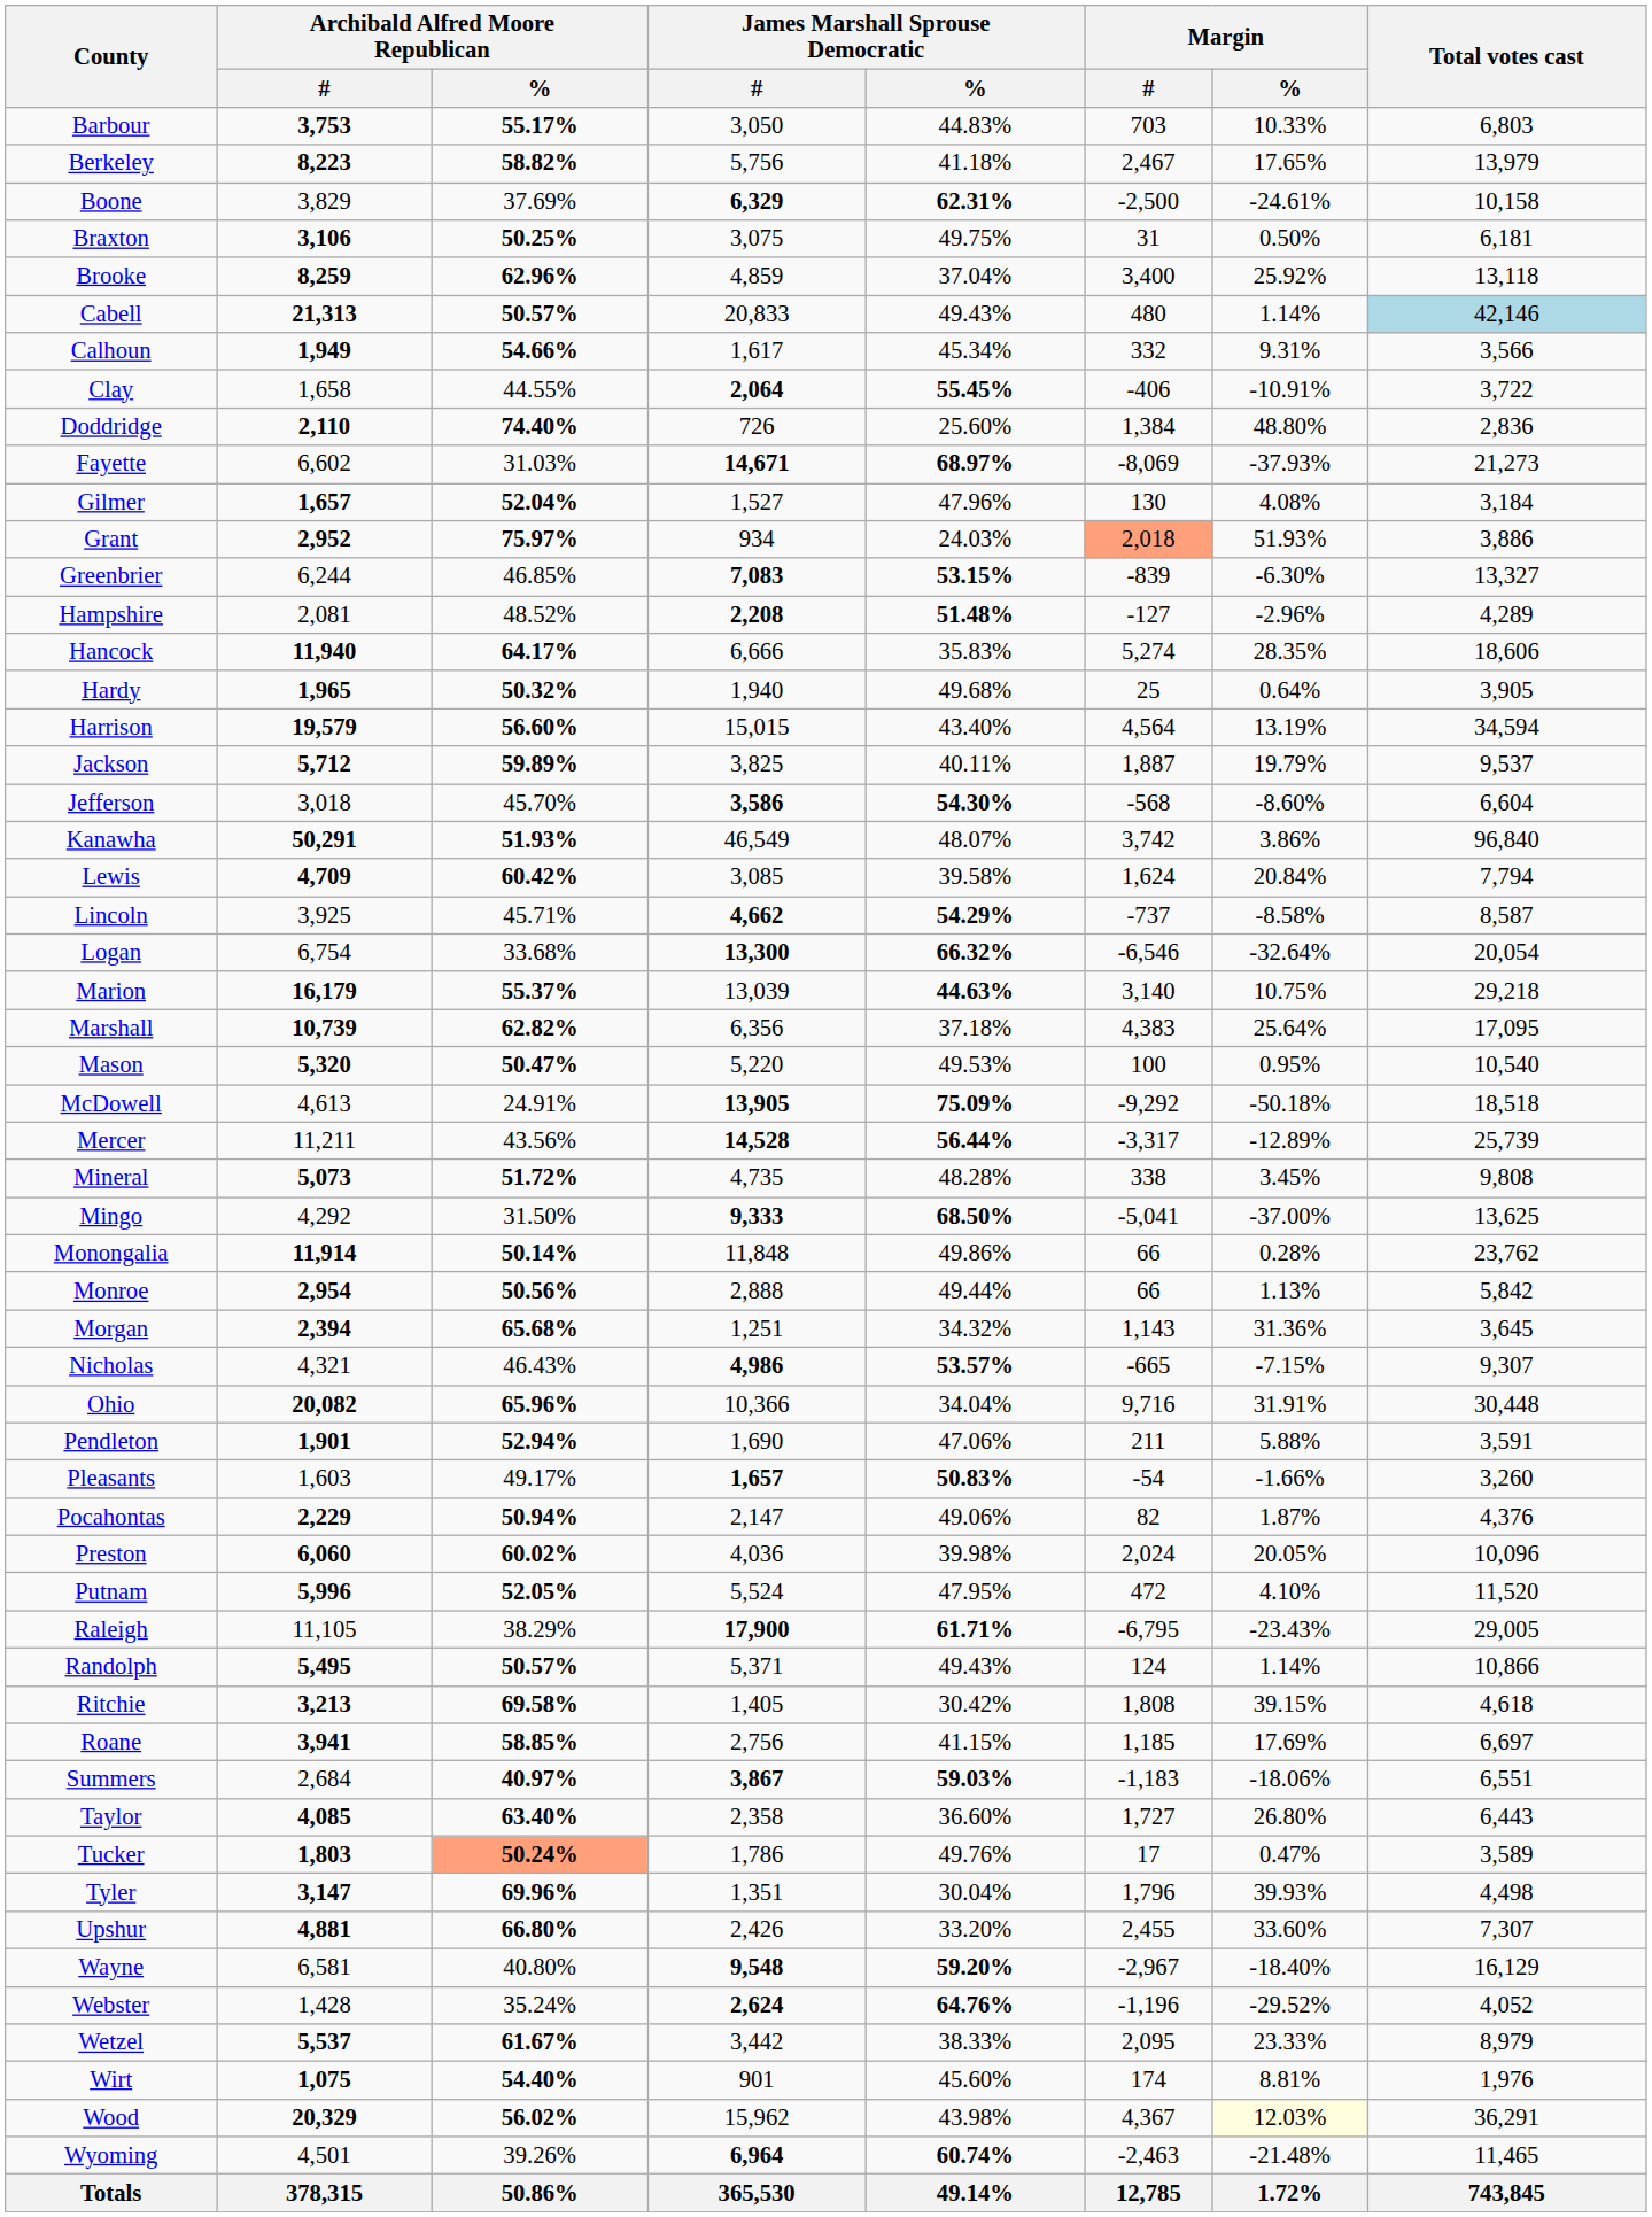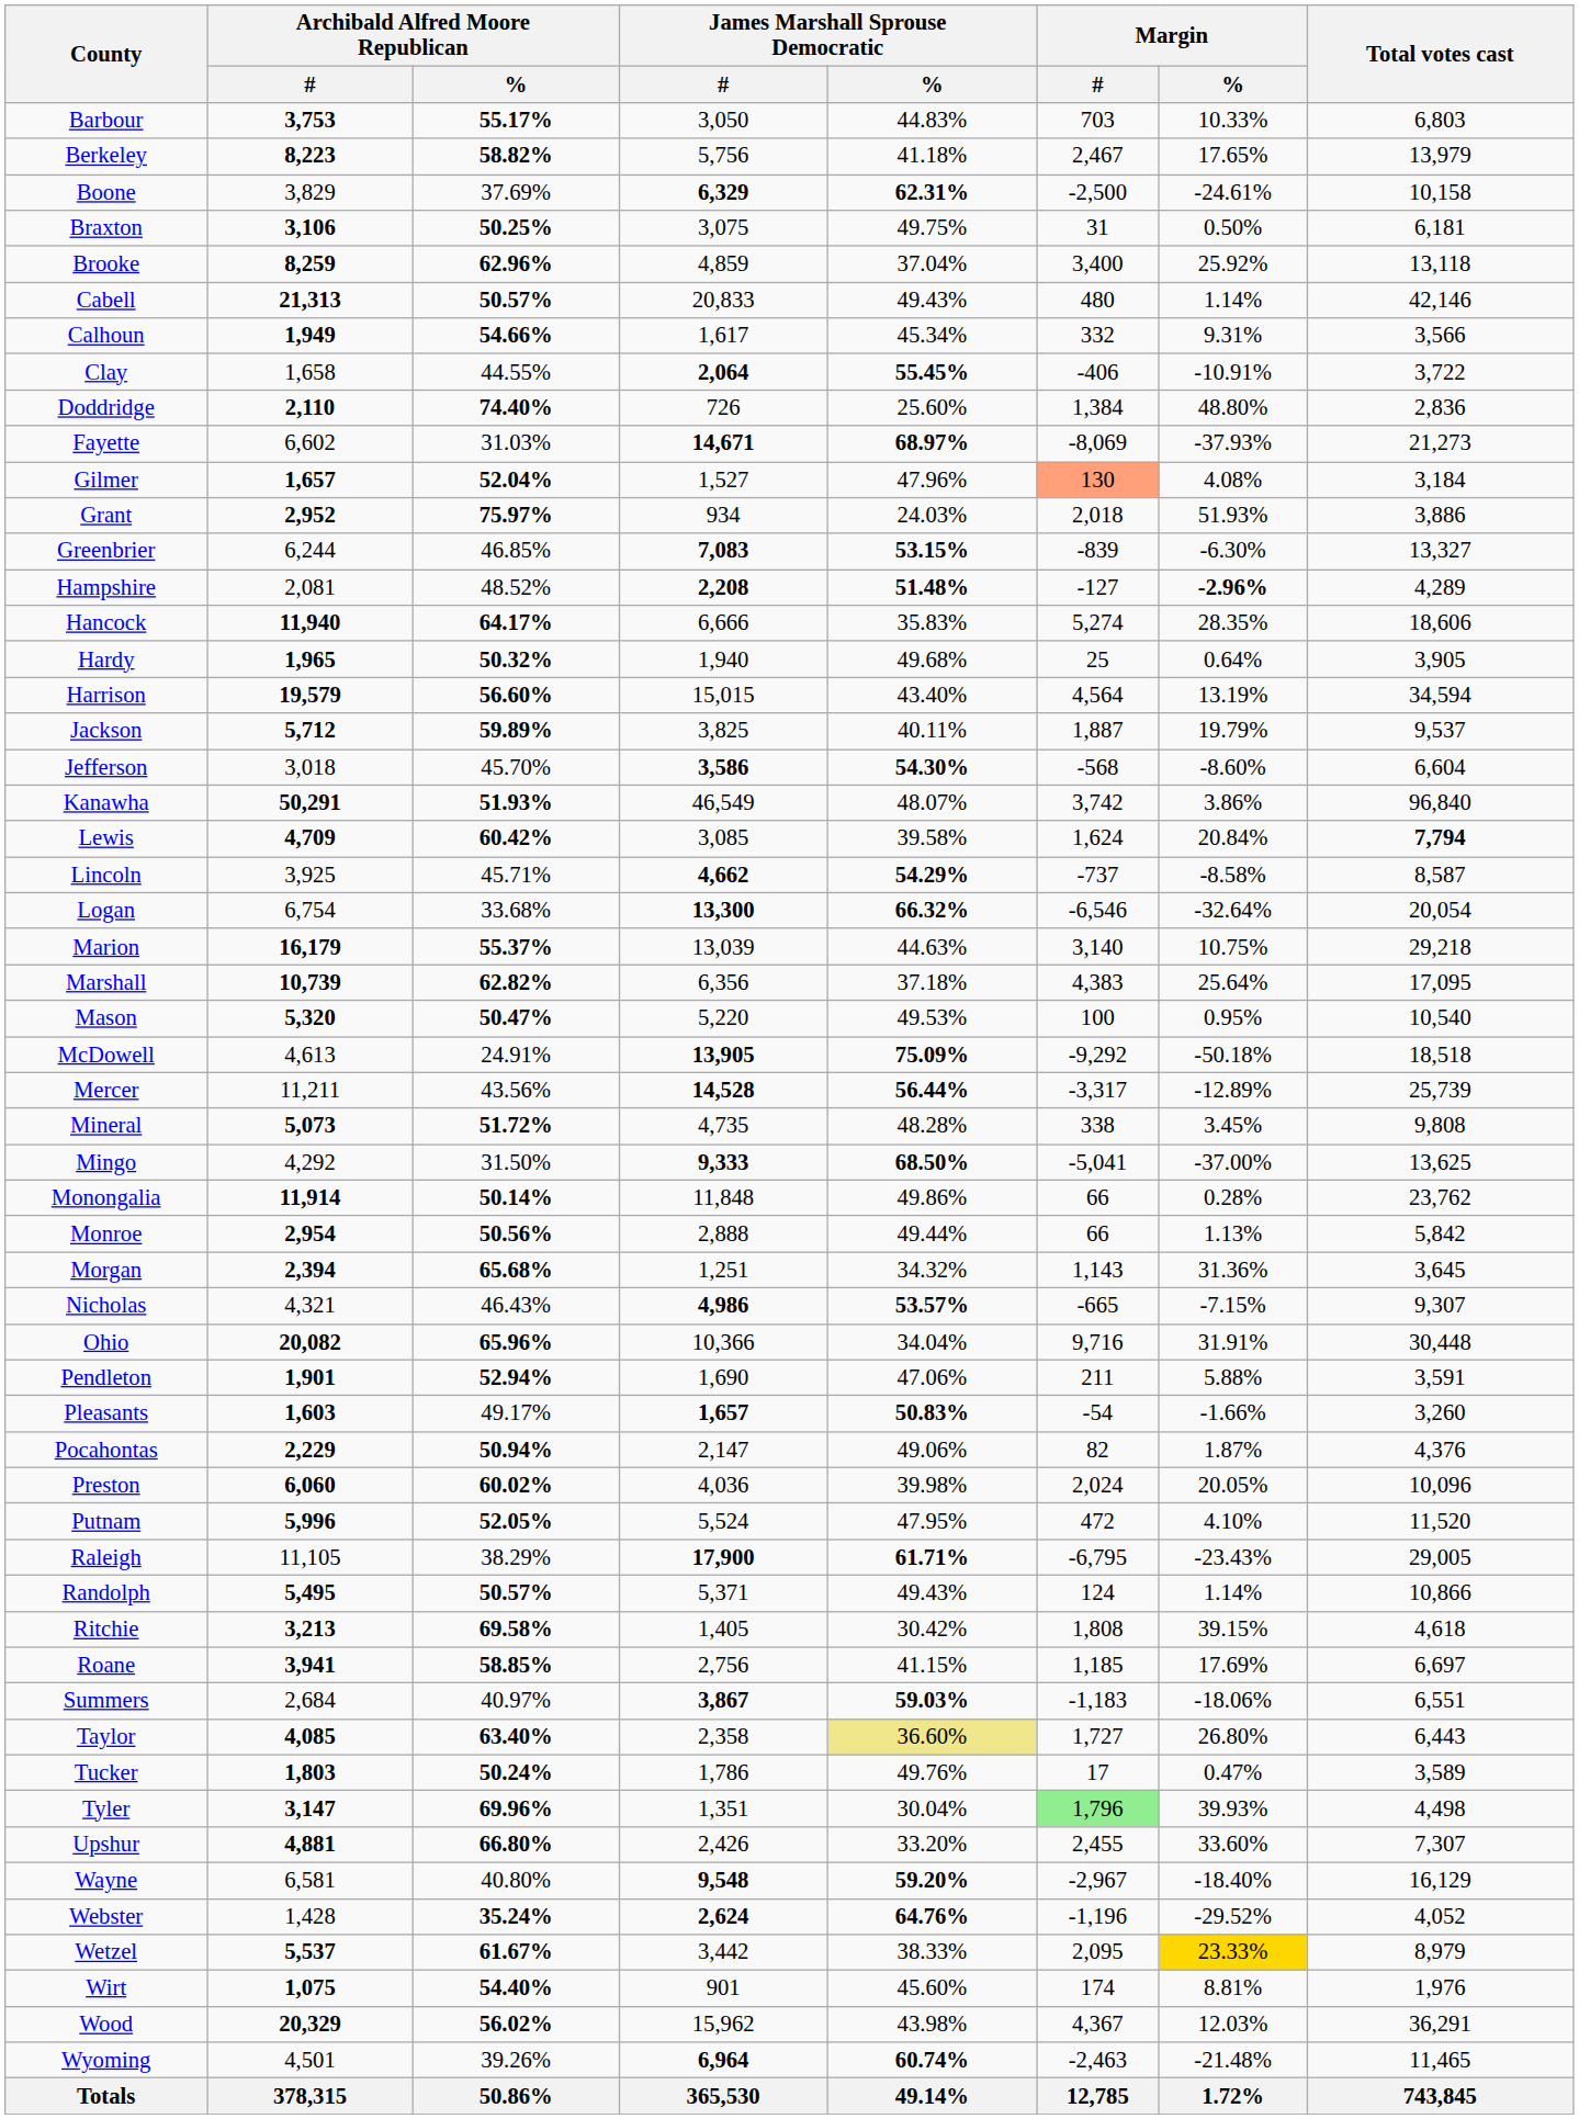 <table width="70%" class="wikitable sortable" style="text-align:center">
 <tr>
 <th style="text-align:center;" rowspan="2">County</th>
 <th style="text-align:center;" colspan="2">Archibald Alfred Moore<br>Republican</th>
 <th style="text-align:center;" colspan="2">James Marshall Sprouse<br>Democratic</th>
 <th style="text-align:center;" colspan="2">Margin</th>
 <th style="text-align:center;" rowspan="2">Total votes cast</th>
 </tr>
 <tr>
 <th data-sort-type="number">#</th>
 <th data-sort-type="number">%</th>
 <th data-sort-type="number">#</th>
 <th data-sort-type="number">%</th>
 <th data-sort-type="number">#</th>
 <th data-sort-type="number">%</th>
 </tr>
 <tr style="text-align:center;">
 <td><a href='#'>Barbour</a></td>
 <td><strong>3,753</strong></td>
 <td><strong>55.17%</strong></td>
 <td>3,050</td>
 <td>44.83%</td>
 <td>703</td>
 <td>10.33%</td>
 <td>6,803</td>
 </tr>
 <tr style="text-align:center;">
 <td><a href='#'>Berkeley</a></td>
 <td><strong>8,223</strong></td>
 <td><strong>58.82%</strong></td>
 <td>5,756</td>
 <td>41.18%</td>
 <td>2,467</td>
 <td>17.65%</td>
 <td>13,979</td>
 </tr>
 <tr style="text-align:center;">
 <td><a href='#'>Boone</a></td>
 <td>3,829</td>
 <td>37.69%</td>
 <td><strong>6,329</strong></td>
 <td><strong>62.31%</strong></td>
 <td>-2,500</td>
 <td>-24.61%</td>
 <td>10,158</td>
 </tr>
 <tr style="text-align:center;">
 <td><a href='#'>Braxton</a></td>
 <td><strong>3,106</strong></td>
 <td><strong>50.25%</strong></td>
 <td>3,075</td>
 <td>49.75%</td>
 <td>31</td>
 <td>0.50%</td>
 <td>6,181</td>
 </tr>
 <tr style="text-align:center;">
 <td><a href='#'>Brooke</a></td>
 <td><strong>8,259</strong></td>
 <td><strong>62.96%</strong></td>
 <td>4,859</td>
 <td>37.04%</td>
 <td>3,400</td>
 <td>25.92%</td>
 <td>13,118</td>
 </tr>
 <tr style="text-align:center;">
 <td><a href='#'>Cabell</a></td>
 <td><strong>21,313</strong></td>
 <td><strong>50.57%</strong></td>
 <td>20,833</td>
 <td>49.43%</td>
 <td>480</td>
 <td>1.14%</td>
-<td style="background: lightblue;">42,146</td>
+<td>42,146</td>
 </tr>
 <tr style="text-align:center;">
 <td><a href='#'>Calhoun</a></td>
 <td><strong>1,949</strong></td>
 <td><strong>54.66%</strong></td>
 <td>1,617</td>
 <td>45.34%</td>
 <td>332</td>
 <td>9.31%</td>
 <td>3,566</td>
 </tr>
 <tr style="text-align:center;">
 <td><a href='#'>Clay</a></td>
 <td>1,658</td>
 <td>44.55%</td>
 <td><strong>2,064</strong></td>
 <td><strong>55.45%</strong></td>
 <td>-406</td>
 <td>-10.91%</td>
 <td>3,722</td>
 </tr>
 <tr style="text-align:center;">
 <td><a href='#'>Doddridge</a></td>
 <td><strong>2,110</strong></td>
 <td><strong>74.40%</strong></td>
 <td>726</td>
 <td>25.60%</td>
 <td>1,384</td>
 <td>48.80%</td>
 <td>2,836</td>
 </tr>
 <tr style="text-align:center;">
 <td><a href='#'>Fayette</a></td>
 <td>6,602</td>
 <td>31.03%</td>
 <td><strong>14,671</strong></td>
 <td><strong>68.97%</strong></td>
 <td>-8,069</td>
 <td>-37.93%</td>
 <td>21,273</td>
 </tr>
 <tr style="text-align:center;">
 <td><a href='#'>Gilmer</a></td>
 <td><strong>1,657</strong></td>
 <td><strong>52.04%</strong></td>
 <td>1,527</td>
 <td>47.96%</td>
-<td>130</td>
+<td style="background: lightsalmon;">130</td>
 <td>4.08%</td>
 <td>3,184</td>
 </tr>
 <tr style="text-align:center;">
 <td><a href='#'>Grant</a></td>
 <td><strong>2,952</strong></td>
 <td><strong>75.97%</strong></td>
 <td>934</td>
 <td>24.03%</td>
-<td style="background: lightsalmon;">2,018</td>
+<td>2,018</td>
 <td>51.93%</td>
 <td>3,886</td>
 </tr>
 <tr style="text-align:center;">
 <td><a href='#'>Greenbrier</a></td>
 <td>6,244</td>
 <td>46.85%</td>
 <td><strong>7,083</strong></td>
 <td><strong>53.15%</strong></td>
 <td>-839</td>
 <td>-6.30%</td>
 <td>13,327</td>
 </tr>
 <tr style="text-align:center;">
 <td><a href='#'>Hampshire</a></td>
 <td>2,081</td>
 <td>48.52%</td>
 <td><strong>2,208</strong></td>
 <td><strong>51.48%</strong></td>
 <td>-127</td>
-<td>-2.96%</td>
+<td><strong>-2.96%</strong></td>
 <td>4,289</td>
 </tr>
 <tr style="text-align:center;">
 <td><a href='#'>Hancock</a></td>
 <td><strong>11,940</strong></td>
 <td><strong>64.17%</strong></td>
 <td>6,666</td>
 <td>35.83%</td>
 <td>5,274</td>
 <td>28.35%</td>
 <td>18,606</td>
 </tr>
 <tr style="text-align:center;">
 <td><a href='#'>Hardy</a></td>
 <td><strong>1,965</strong></td>
 <td><strong>50.32%</strong></td>
 <td>1,940</td>
 <td>49.68%</td>
 <td>25</td>
 <td>0.64%</td>
 <td>3,905</td>
 </tr>
 <tr style="text-align:center;">
 <td><a href='#'>Harrison</a></td>
 <td><strong>19,579</strong></td>
 <td><strong>56.60%</strong></td>
 <td>15,015</td>
 <td>43.40%</td>
 <td>4,564</td>
 <td>13.19%</td>
 <td>34,594</td>
 </tr>
 <tr style="text-align:center;">
 <td><a href='#'>Jackson</a></td>
 <td><strong>5,712</strong></td>
 <td><strong>59.89%</strong></td>
 <td>3,825</td>
 <td>40.11%</td>
 <td>1,887</td>
 <td>19.79%</td>
 <td>9,537</td>
 </tr>
 <tr style="text-align:center;">
 <td><a href='#'>Jefferson</a></td>
 <td>3,018</td>
 <td>45.70%</td>
 <td><strong>3,586</strong></td>
 <td><strong>54.30%</strong></td>
 <td>-568</td>
 <td>-8.60%</td>
 <td>6,604</td>
 </tr>
 <tr style="text-align:center;">
 <td><a href='#'>Kanawha</a></td>
 <td><strong>50,291</strong></td>
 <td><strong>51.93%</strong></td>
 <td>46,549</td>
 <td>48.07%</td>
 <td>3,742</td>
 <td>3.86%</td>
 <td>96,840</td>
 </tr>
 <tr style="text-align:center;">
 <td><a href='#'>Lewis</a></td>
 <td><strong>4,709</strong></td>
 <td><strong>60.42%</strong></td>
 <td>3,085</td>
 <td>39.58%</td>
 <td>1,624</td>
 <td>20.84%</td>
-<td>7,794</td>
+<td><strong>7,794</strong></td>
 </tr>
 <tr style="text-align:center;">
 <td><a href='#'>Lincoln</a></td>
 <td>3,925</td>
 <td>45.71%</td>
 <td><strong>4,662</strong></td>
 <td><strong>54.29%</strong></td>
 <td>-737</td>
 <td>-8.58%</td>
 <td>8,587</td>
 </tr>
 <tr style="text-align:center;">
 <td><a href='#'>Logan</a></td>
 <td>6,754</td>
 <td>33.68%</td>
 <td><strong>13,300</strong></td>
 <td><strong>66.32%</strong></td>
 <td>-6,546</td>
 <td>-32.64%</td>
 <td>20,054</td>
 </tr>
 <tr style="text-align:center;">
 <td><a href='#'>Marion</a></td>
 <td><strong>16,179</strong></td>
 <td><strong>55.37%</strong></td>
 <td>13,039</td>
-<td><strong>44.63%</strong></td>
+<td>44.63%</td>
 <td>3,140</td>
 <td>10.75%</td>
 <td>29,218</td>
 </tr>
 <tr style="text-align:center;">
 <td><a href='#'>Marshall</a></td>
 <td><strong>10,739</strong></td>
 <td><strong>62.82%</strong></td>
 <td>6,356</td>
 <td>37.18%</td>
 <td>4,383</td>
 <td>25.64%</td>
 <td>17,095</td>
 </tr>
 <tr style="text-align:center;">
 <td><a href='#'>Mason</a></td>
 <td><strong>5,320</strong></td>
 <td><strong>50.47%</strong></td>
 <td>5,220</td>
 <td>49.53%</td>
 <td>100</td>
 <td>0.95%</td>
 <td>10,540</td>
 </tr>
 <tr style="text-align:center;">
 <td><a href='#'>McDowell</a></td>
 <td>4,613</td>
 <td>24.91%</td>
 <td><strong>13,905</strong></td>
 <td><strong>75.09%</strong></td>
 <td>-9,292</td>
 <td>-50.18%</td>
 <td>18,518</td>
 </tr>
 <tr style="text-align:center;">
 <td><a href='#'>Mercer</a></td>
 <td>11,211</td>
 <td>43.56%</td>
 <td><strong>14,528</strong></td>
 <td><strong>56.44%</strong></td>
 <td>-3,317</td>
 <td>-12.89%</td>
 <td>25,739</td>
 </tr>
 <tr style="text-align:center;">
 <td><a href='#'>Mineral</a></td>
 <td><strong>5,073</strong></td>
 <td><strong>51.72%</strong></td>
 <td>4,735</td>
 <td>48.28%</td>
 <td>338</td>
 <td>3.45%</td>
 <td>9,808</td>
 </tr>
 <tr style="text-align:center;">
 <td><a href='#'>Mingo</a></td>
 <td>4,292</td>
 <td>31.50%</td>
 <td><strong>9,333</strong></td>
 <td><strong>68.50%</strong></td>
 <td>-5,041</td>
 <td>-37.00%</td>
 <td>13,625</td>
 </tr>
 <tr style="text-align:center;">
 <td><a href='#'>Monongalia</a></td>
 <td><strong>11,914</strong></td>
 <td><strong>50.14%</strong></td>
 <td>11,848</td>
 <td>49.86%</td>
 <td>66</td>
 <td>0.28%</td>
 <td>23,762</td>
 </tr>
 <tr style="text-align:center;">
 <td><a href='#'>Monroe</a></td>
 <td><strong>2,954</strong></td>
 <td><strong>50.56%</strong></td>
 <td>2,888</td>
 <td>49.44%</td>
 <td>66</td>
 <td>1.13%</td>
 <td>5,842</td>
 </tr>
 <tr style="text-align:center;">
 <td><a href='#'>Morgan</a></td>
 <td><strong>2,394</strong></td>
 <td><strong>65.68%</strong></td>
 <td>1,251</td>
 <td>34.32%</td>
 <td>1,143</td>
 <td>31.36%</td>
 <td>3,645</td>
 </tr>
 <tr style="text-align:center;">
 <td><a href='#'>Nicholas</a></td>
 <td>4,321</td>
 <td>46.43%</td>
 <td><strong>4,986</strong></td>
 <td><strong>53.57%</strong></td>
 <td>-665</td>
 <td>-7.15%</td>
 <td>9,307</td>
 </tr>
 <tr style="text-align:center;">
 <td><a href='#'>Ohio</a></td>
 <td><strong>20,082</strong></td>
 <td><strong>65.96%</strong></td>
 <td>10,366</td>
 <td>34.04%</td>
 <td>9,716</td>
 <td>31.91%</td>
 <td>30,448</td>
 </tr>
 <tr style="text-align:center;">
 <td><a href='#'>Pendleton</a></td>
 <td><strong>1,901</strong></td>
 <td><strong>52.94%</strong></td>
 <td>1,690</td>
 <td>47.06%</td>
 <td>211</td>
 <td>5.88%</td>
 <td>3,591</td>
 </tr>
 <tr style="text-align:center;">
 <td><a href='#'>Pleasants</a></td>
-<td>1,603</td>
+<td><strong>1,603</strong></td>
 <td>49.17%</td>
 <td><strong>1,657</strong></td>
 <td><strong>50.83%</strong></td>
 <td>-54</td>
 <td>-1.66%</td>
 <td>3,260</td>
 </tr>
 <tr style="text-align:center;">
 <td><a href='#'>Pocahontas</a></td>
 <td><strong>2,229</strong></td>
 <td><strong>50.94%</strong></td>
 <td>2,147</td>
 <td>49.06%</td>
 <td>82</td>
 <td>1.87%</td>
 <td>4,376</td>
 </tr>
 <tr style="text-align:center;">
 <td><a href='#'>Preston</a></td>
 <td><strong>6,060</strong></td>
 <td><strong>60.02%</strong></td>
 <td>4,036</td>
 <td>39.98%</td>
 <td>2,024</td>
 <td>20.05%</td>
 <td>10,096</td>
 </tr>
 <tr style="text-align:center;">
 <td><a href='#'>Putnam</a></td>
 <td><strong>5,996</strong></td>
 <td><strong>52.05%</strong></td>
 <td>5,524</td>
 <td>47.95%</td>
 <td>472</td>
 <td>4.10%</td>
 <td>11,520</td>
 </tr>
 <tr style="text-align:center;">
 <td><a href='#'>Raleigh</a></td>
 <td>11,105</td>
 <td>38.29%</td>
 <td><strong>17,900</strong></td>
 <td><strong>61.71%</strong></td>
 <td>-6,795</td>
 <td>-23.43%</td>
 <td>29,005</td>
 </tr>
 <tr style="text-align:center;">
 <td><a href='#'>Randolph</a></td>
 <td><strong>5,495</strong></td>
 <td><strong>50.57%</strong></td>
 <td>5,371</td>
 <td>49.43%</td>
 <td>124</td>
 <td>1.14%</td>
 <td>10,866</td>
 </tr>
 <tr style="text-align:center;">
 <td><a href='#'>Ritchie</a></td>
 <td><strong>3,213</strong></td>
 <td><strong>69.58%</strong></td>
 <td>1,405</td>
 <td>30.42%</td>
 <td>1,808</td>
 <td>39.15%</td>
 <td>4,618</td>
 </tr>
 <tr style="text-align:center;">
 <td><a href='#'>Roane</a></td>
 <td><strong>3,941</strong></td>
 <td><strong>58.85%</strong></td>
 <td>2,756</td>
 <td>41.15%</td>
 <td>1,185</td>
 <td>17.69%</td>
 <td>6,697</td>
 </tr>
 <tr style="text-align:center;">
 <td><a href='#'>Summers</a></td>
 <td>2,684</td>
-<td><strong>40.97%</strong></td>
+<td>40.97%</td>
 <td><strong>3,867</strong></td>
 <td><strong>59.03%</strong></td>
 <td>-1,183</td>
 <td>-18.06%</td>
 <td>6,551</td>
 </tr>
 <tr style="text-align:center;">
 <td><a href='#'>Taylor</a></td>
 <td><strong>4,085</strong></td>
 <td><strong>63.40%</strong></td>
 <td>2,358</td>
-<td>36.60%</td>
+<td style="background: khaki;">36.60%</td>
 <td>1,727</td>
 <td>26.80%</td>
 <td>6,443</td>
 </tr>
 <tr style="text-align:center;">
 <td><a href='#'>Tucker</a></td>
 <td><strong>1,803</strong></td>
-<td style="background: lightsalmon;"><strong>50.24%</strong></td>
+<td><strong>50.24%</strong></td>
 <td>1,786</td>
 <td>49.76%</td>
 <td>17</td>
 <td>0.47%</td>
 <td>3,589</td>
 </tr>
 <tr style="text-align:center;">
 <td><a href='#'>Tyler</a></td>
 <td><strong>3,147</strong></td>
 <td><strong>69.96%</strong></td>
 <td>1,351</td>
 <td>30.04%</td>
-<td>1,796</td>
+<td style="background: lightgreen;">1,796</td>
 <td>39.93%</td>
 <td>4,498</td>
 </tr>
 <tr style="text-align:center;">
 <td><a href='#'>Upshur</a></td>
 <td><strong>4,881</strong></td>
 <td><strong>66.80%</strong></td>
 <td>2,426</td>
 <td>33.20%</td>
 <td>2,455</td>
 <td>33.60%</td>
 <td>7,307</td>
 </tr>
 <tr style="text-align:center;">
 <td><a href='#'>Wayne</a></td>
 <td>6,581</td>
 <td>40.80%</td>
 <td><strong>9,548</strong></td>
 <td><strong>59.20%</strong></td>
 <td>-2,967</td>
 <td>-18.40%</td>
 <td>16,129</td>
 </tr>
 <tr style="text-align:center;">
 <td><a href='#'>Webster</a></td>
 <td>1,428</td>
-<td>35.24%</td>
+<td><strong>35.24%</strong></td>
 <td><strong>2,624</strong></td>
 <td><strong>64.76%</strong></td>
 <td>-1,196</td>
 <td>-29.52%</td>
 <td>4,052</td>
 </tr>
 <tr style="text-align:center;">
 <td><a href='#'>Wetzel</a></td>
 <td><strong>5,537</strong></td>
 <td><strong>61.67%</strong></td>
 <td>3,442</td>
 <td>38.33%</td>
 <td>2,095</td>
-<td>23.33%</td>
+<td style="background: gold;">23.33%</td>
 <td>8,979</td>
 </tr>
 <tr style="text-align:center;">
 <td><a href='#'>Wirt</a></td>
 <td><strong>1,075</strong></td>
 <td><strong>54.40%</strong></td>
 <td>901</td>
 <td>45.60%</td>
 <td>174</td>
 <td>8.81%</td>
 <td>1,976</td>
 </tr>
 <tr style="text-align:center;">
 <td><a href='#'>Wood</a></td>
 <td><strong>20,329</strong></td>
 <td><strong>56.02%</strong></td>
 <td>15,962</td>
 <td>43.98%</td>
 <td>4,367</td>
-<td style="background: lightyellow;">12.03%</td>
+<td>12.03%</td>
 <td>36,291</td>
 </tr>
 <tr style="text-align:center;">
 <td><a href='#'>Wyoming</a></td>
 <td>4,501</td>
 <td>39.26%</td>
 <td><strong>6,964</strong></td>
 <td><strong>60.74%</strong></td>
 <td>-2,463</td>
 <td>-21.48%</td>
 <td>11,465</td>
 </tr>
 <tr style="text-align:center;">
 <th>Totals</th>
 <th>378,315</th>
 <th>50.86%</th>
 <th>365,530</th>
 <th>49.14%</th>
 <th>12,785</th>
 <th>1.72%</th>
 <th>743,845</th>
 </tr>
 </table>
